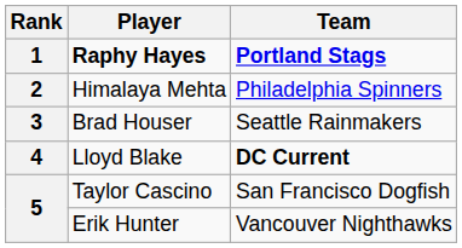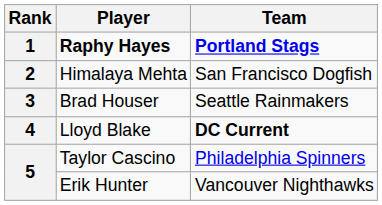 <table class="wikitable sortable">
 <tr>
 <th>Rank</th>
 <th>Player</th>
 <th>Team</th>
 </tr>
 <tr>
 <th>1</th>
 <td data-sort-value="Hayes, Raphy"><strong>Raphy Hayes</strong></td>
 <td><strong><a href='#'>Portland Stags</a></strong></td>
 </tr>
 <tr>
 <th>2</th>
 <td data-sort-value="Mehta, Himalaya">Himalaya Mehta</td>
-<td><a href='#'>Philadelphia Spinners</a></td>
+<td>San Francisco Dogfish</td>
 </tr>
 <tr>
 <th>3</th>
 <td data-sort-value="Houser, Brad">Brad Houser</td>
 <td>Seattle Rainmakers</td>
 </tr>
 <tr>
 <th>4</th>
 <td data-sort-value="Blake, Lloyd">Lloyd Blake</td>
 <td><strong>DC Current</strong></td>
 </tr>
 <tr>
 <th rowspan="2">5</th>
 <td data-sort-value="Cascino, Taylor">Taylor Cascino</td>
-<td>San Francisco Dogfish</td>
+<td><a href='#'>Philadelphia Spinners</a></td>
 </tr>
 <tr>
 <td data-sort-value="Hunter, Erik">Erik Hunter</td>
 <td>Vancouver Nighthawks</td>
 </tr>
 </table>
